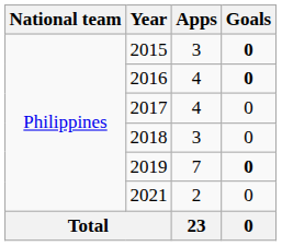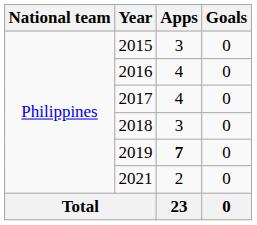 <table class=wikitable style=text-align:center>
 <tr>
 <th>National team</th>
 <th>Year</th>
 <th>Apps</th>
 <th>Goals</th>
 </tr>
 <tr>
 <td rowspan=6><a href='#'>Philippines</a></td>
 <td>2015</td>
 <td>3</td>
-<td><strong>0</strong></td>
+<td>0</td>
 </tr>
 <tr>
 <td>2016</td>
 <td>4</td>
-<td><strong>0</strong></td>
+<td>0</td>
 </tr>
 <tr>
 <td>2017</td>
 <td>4</td>
 <td>0</td>
 </tr>
 <tr>
 <td>2018</td>
 <td>3</td>
 <td>0</td>
 </tr>
 <tr>
 <td>2019</td>
-<td>7</td>
-<td><strong>0</strong></td>
+<td><strong>7</strong></td>
+<td>0</td>
 </tr>
 <tr>
 <td>2021</td>
 <td>2</td>
 <td>0</td>
 </tr>
 <tr>
 <th colspan=2>Total</th>
 <th>23</th>
 <th>0</th>
 </tr>
 </table>
